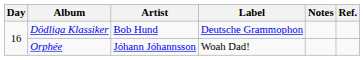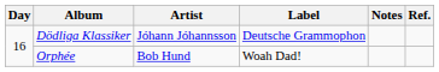 <table class="wikitable">
 <tr>
 <th>Day</th>
 <th>Album</th>
 <th>Artist</th>
 <th>Label</th>
 <th>Notes</th>
 <th>Ref.</th>
 </tr>
 <tr>
 <td rowspan="2" style="text-align:center;">16</td>
 <td><em><a href='#'>Dödliga Klassiker</a></em></td>
-<td><a href='#'>Bob Hund</a></td>
+<td><a href='#'>Jóhann Jóhannsson</a></td>
 <td><a href='#'>Deutsche Grammophon</a></td>
 <td></td>
 <td style="text-align:center;"></td>
 </tr>
 <tr>
 <td><em><a href='#'>Orphée</a></em></td>
-<td><a href='#'>Jóhann Jóhannsson</a></td>
+<td><a href='#'>Bob Hund</a></td>
 <td>Woah Dad!</td>
 <td></td>
 <td style="text-align:center;"></td>
 </tr>
 </table>
